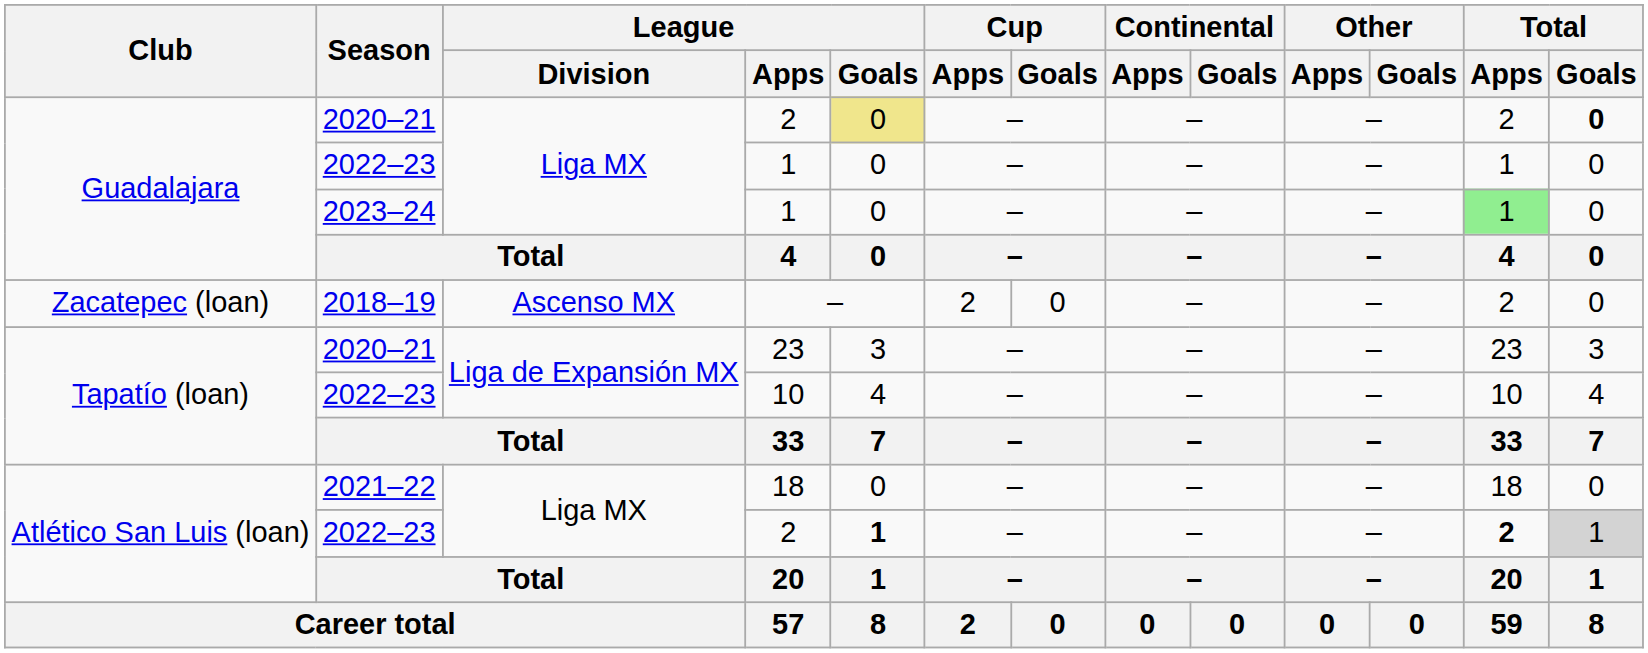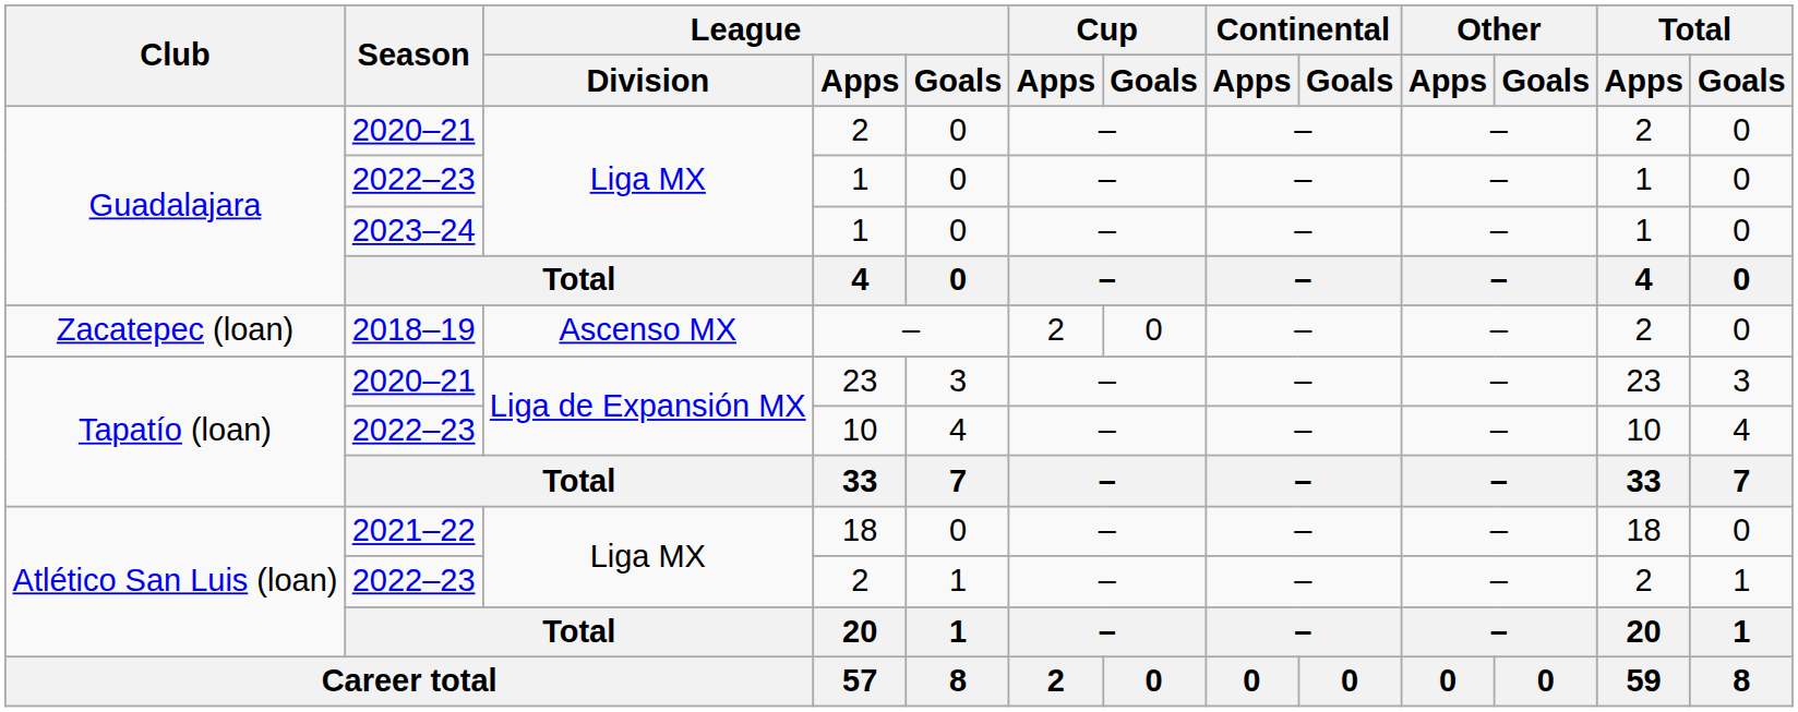 <table class="wikitable" style="text-align: center">
 <tr>
 <th rowspan="2">Club</th>
 <th rowspan="2">Season</th>
 <th colspan="3">League</th>
 <th colspan="2">Cup</th>
 <th colspan="2">Continental</th>
 <th colspan="2">Other</th>
 <th colspan="2">Total</th>
 </tr>
 <tr>
 <th>Division</th>
 <th>Apps</th>
 <th>Goals</th>
 <th>Apps</th>
 <th>Goals</th>
 <th>Apps</th>
 <th>Goals</th>
 <th>Apps</th>
 <th>Goals</th>
 <th>Apps</th>
 <th>Goals</th>
 </tr>
 <tr>
 <td rowspan="4"><a href='#'>Guadalajara</a></td>
 <td><a href='#'>2020–21</a></td>
 <td rowspan="3"><a href='#'>Liga MX</a></td>
 <td>2</td>
-<td style="background: khaki;">0</td>
+<td>0</td>
 <td colspan="2">–</td>
 <td colspan="2">–</td>
 <td colspan="2">–</td>
 <td>2</td>
-<td><strong>0</strong></td>
+<td>0</td>
 </tr>
 <tr>
 <td><a href='#'>2022–23</a></td>
 <td>1</td>
 <td>0</td>
 <td colspan="2">–</td>
 <td colspan="2">–</td>
 <td colspan="2">–</td>
 <td>1</td>
 <td>0</td>
 </tr>
 <tr>
 <td><a href='#'>2023–24</a></td>
 <td>1</td>
 <td>0</td>
 <td colspan="2">–</td>
 <td colspan="2">–</td>
 <td colspan="2">–</td>
-<td style="background: lightgreen;">1</td>
+<td>1</td>
 <td>0</td>
 </tr>
 <tr>
 <th colspan="2">Total</th>
 <th>4</th>
 <th>0</th>
 <th colspan="2">–</th>
 <th colspan="2">–</th>
 <th colspan="2">–</th>
 <th>4</th>
 <th>0</th>
 </tr>
 <tr>
 <td><a href='#'>Zacatepec</a> (loan)</td>
 <td><a href='#'>2018–19</a></td>
 <td><a href='#'>Ascenso MX</a></td>
 <td colspan="2">–</td>
 <td>2</td>
 <td>0</td>
 <td colspan="2">–</td>
 <td colspan="2">–</td>
 <td>2</td>
 <td>0</td>
 </tr>
 <tr>
 <td rowspan="3"><a href='#'>Tapatío</a> (loan)</td>
 <td><a href='#'>2020–21</a></td>
 <td rowspan="2"><a href='#'>Liga de Expansión MX</a></td>
 <td>23</td>
 <td>3</td>
 <td colspan="2">–</td>
 <td colspan="2">–</td>
 <td colspan="2">–</td>
 <td>23</td>
 <td>3</td>
 </tr>
 <tr>
 <td><a href='#'>2022–23</a></td>
 <td>10</td>
 <td>4</td>
 <td colspan="2">–</td>
 <td colspan="2">–</td>
 <td colspan="2">–</td>
 <td>10</td>
 <td>4</td>
 </tr>
 <tr>
 <th colspan="2">Total</th>
 <th>33</th>
 <th>7</th>
 <th colspan="2">–</th>
 <th colspan="2">–</th>
 <th colspan="2">–</th>
 <th>33</th>
 <th>7</th>
 </tr>
 <tr>
 <td rowspan="3"><a href='#'>Atlético San Luis</a> (loan)</td>
 <td><a href='#'>2021–22</a></td>
 <td rowspan="2">Liga MX</td>
 <td>18</td>
 <td>0</td>
 <td colspan="2">–</td>
 <td colspan="2">–</td>
 <td colspan="2">–</td>
 <td>18</td>
 <td>0</td>
 </tr>
 <tr>
 <td><a href='#'>2022–23</a></td>
 <td>2</td>
-<td><strong>1</strong></td>
+<td>1</td>
 <td colspan="2">–</td>
 <td colspan="2">–</td>
 <td colspan="2">–</td>
-<td><strong>2</strong></td>
-<td style="background: lightgrey;">1</td>
+<td>2</td>
+<td>1</td>
 </tr>
 <tr>
 <th colspan="2">Total</th>
 <th>20</th>
 <th>1</th>
 <th colspan="2">–</th>
 <th colspan="2">–</th>
 <th colspan="2">–</th>
 <th>20</th>
 <th>1</th>
 </tr>
 <tr>
 <th colspan=3>Career total</th>
 <th>57</th>
 <th>8</th>
 <th>2</th>
 <th>0</th>
 <th>0</th>
 <th>0</th>
 <th>0</th>
 <th>0</th>
 <th>59</th>
 <th>8</th>
 </tr>
 </table>
